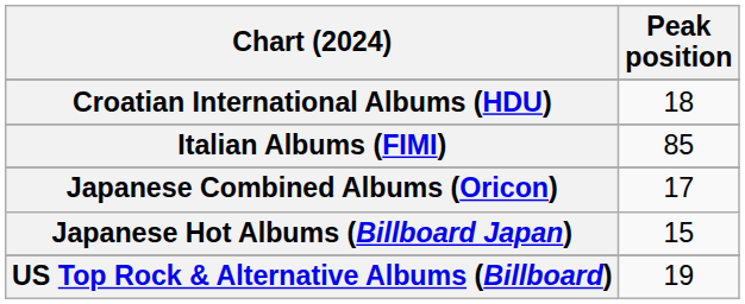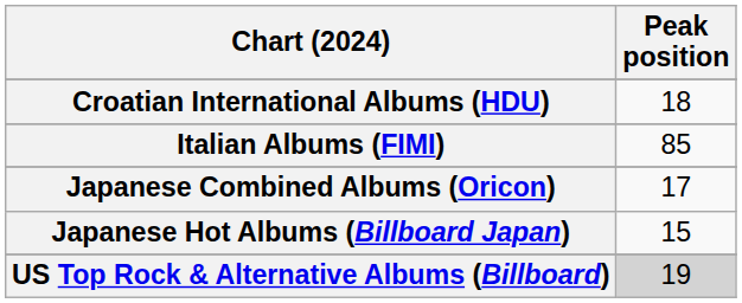 <table class="wikitable sortable plainrowheaders" style="text-align:center">
 <tr>
 <th scope="col">Chart (2024)</th>
 <th scope="col">Peak<br>position</th>
 </tr>
 <tr>
 </tr>
 <tr>
 </tr>
 <tr>
 <th scope="row">Croatian International Albums (<a href='#'>HDU</a>)</th>
 <td>18</td>
 </tr>
 <tr>
 </tr>
 <tr>
 </tr>
 <tr>
 <th scope="row">Italian Albums (<a href='#'>FIMI</a>)</th>
 <td>85</td>
 </tr>
 <tr>
 </tr>
 <tr>
 <th scope="row">Japanese Combined Albums (<a href='#'>Oricon</a>)</th>
 <td>17</td>
 </tr>
 <tr>
 <th scope="row">Japanese Hot Albums (<em><a href='#'>Billboard Japan</a></em>)</th>
 <td>15</td>
 </tr>
 <tr>
 </tr>
 <tr>
 </tr>
 <tr>
 </tr>
 <tr>
 </tr>
 <tr>
 </tr>
 <tr>
 <th scope="row">US <a href='#'>Top Rock & Alternative Albums</a> (<em><a href='#'>Billboard</a></em>)</th>
-<td>19</td>
+<td style="background: lightgrey;">19</td>
 </tr>
 </table>
